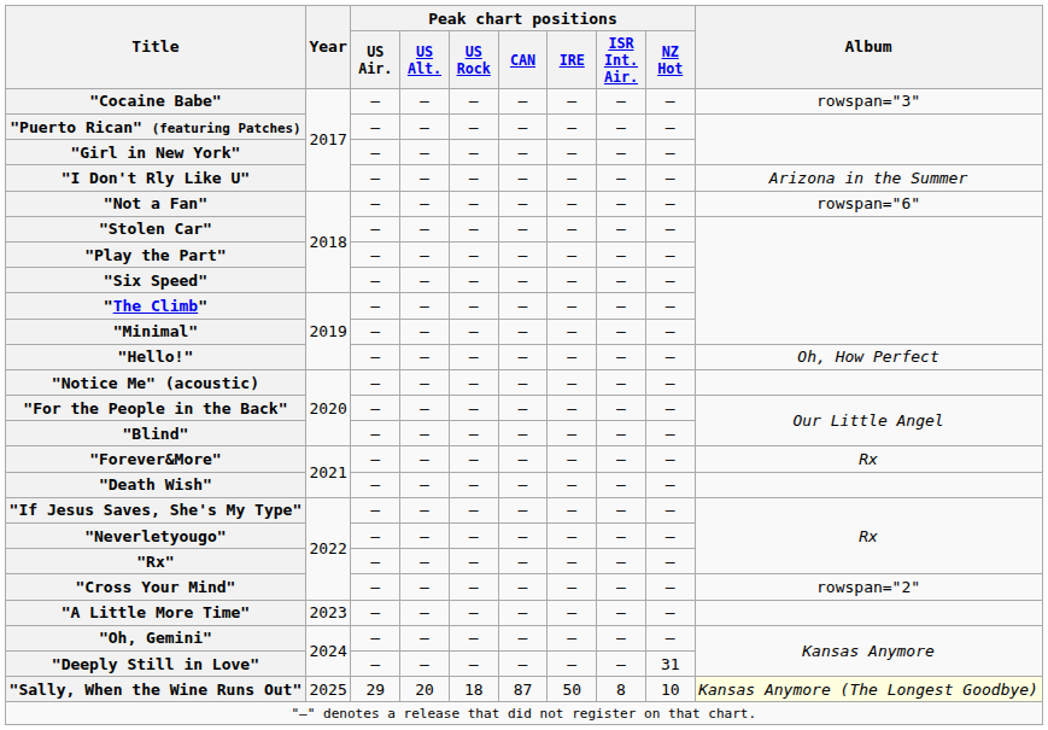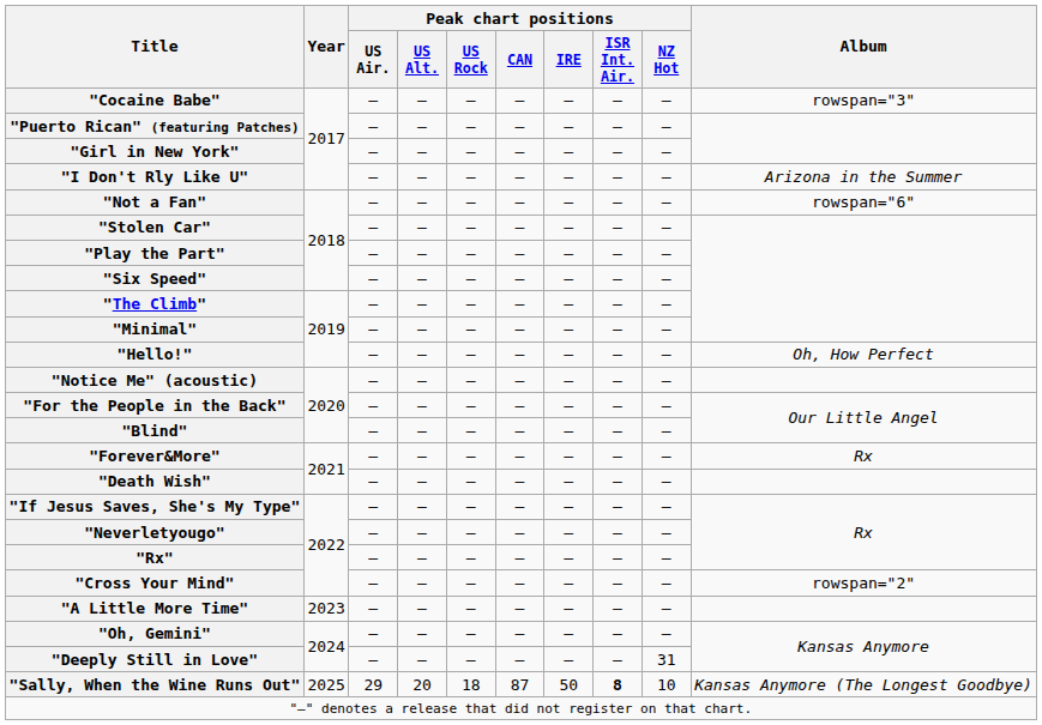 <table class="wikitable plainrowheaders" style="text-align:center;">
 <tr>
 <th scope="col" rowspan="2">Title</th>
 <th scope="col" rowspan="2">Year</th>
 <th scope="col" colspan="7">Peak chart positions</th>
 <th scope="col" rowspan="2">Album</th>
 </tr>
 <tr>
 <th scope="col" style="width:3em;font-size:90%;">US<br>Air.</th>
 <th scope="col" style="width:3em;font-size:90%;"><a href='#'>US<br>Alt.</a></th>
 <th scope="col" style="width:3em;font-size:90%;"><a href='#'>US<br>Rock</a><br></th>
 <th scope="col" style="width:3em;font-size:90%;"><a href='#'>CAN</a><br></th>
 <th scope="col" style="width:3em;font-size:90%;"><a href='#'>IRE</a><br></th>
 <th scope="col" style="width:3em;font-size:90%;"><a href='#'>ISR<br>Int.<br>Air.</a><br></th>
 <th scope="col" style="width:3em;font-size:90%;"><a href='#'>NZ<br>Hot</a><br></th>
 </tr>
 <tr>
 <th scope="row">"Cocaine Babe"</th>
 <td rowspan="4">2017</td>
 <td>—</td>
 <td>—</td>
 <td>—</td>
 <td>—</td>
 <td>—</td>
 <td>—</td>
 <td>—</td>
 <td>rowspan="3" </td>
 </tr>
 <tr>
 <th scope="row">"Puerto Rican" <small>(featuring Patches)</small></th>
 <td>—</td>
 <td>—</td>
 <td>—</td>
 <td>—</td>
 <td>—</td>
 <td>—</td>
 <td>—</td>
 </tr>
 <tr>
 <th scope="row">"Girl in New York"</th>
 <td>—</td>
 <td>—</td>
 <td>—</td>
 <td>—</td>
 <td>—</td>
 <td>—</td>
 <td>—</td>
 </tr>
 <tr>
 <th scope="row">"I Don't Rly Like U"</th>
 <td>—</td>
 <td>—</td>
 <td>—</td>
 <td>—</td>
 <td>—</td>
 <td>—</td>
 <td>—</td>
 <td><em>Arizona in the Summer</em></td>
 </tr>
 <tr>
 <th scope="row">"Not a Fan"</th>
 <td rowspan="4">2018</td>
 <td>—</td>
 <td>—</td>
 <td>—</td>
 <td>—</td>
 <td>—</td>
 <td>—</td>
 <td>—</td>
 <td>rowspan="6" </td>
 </tr>
 <tr>
 <th scope="row">"Stolen Car"</th>
 <td>—</td>
 <td>—</td>
 <td>—</td>
 <td>—</td>
 <td>—</td>
 <td>—</td>
 <td>—</td>
 </tr>
 <tr>
 <th scope="row">"Play the Part"</th>
 <td>—</td>
 <td>—</td>
 <td>—</td>
 <td>—</td>
 <td>—</td>
 <td>—</td>
 <td>—</td>
 </tr>
 <tr>
 <th scope="row">"Six Speed"</th>
 <td>—</td>
 <td>—</td>
 <td>—</td>
 <td>—</td>
 <td>—</td>
 <td>—</td>
 <td>—</td>
 </tr>
 <tr>
 <th scope="row">"<a href='#'>The Climb</a>"</th>
 <td rowspan="3">2019</td>
 <td>—</td>
 <td>—</td>
 <td>—</td>
 <td>—</td>
 <td>—</td>
 <td>—</td>
 <td>—</td>
 </tr>
 <tr>
 <th scope="row">"Minimal"</th>
 <td>—</td>
 <td>—</td>
 <td>—</td>
 <td>—</td>
 <td>—</td>
 <td>—</td>
 <td>—</td>
 </tr>
 <tr>
 <th scope="row">"Hello!"</th>
 <td>—</td>
 <td>—</td>
 <td>—</td>
 <td>—</td>
 <td>—</td>
 <td>—</td>
 <td>—</td>
 <td><em>Oh, How Perfect</em></td>
 </tr>
 <tr>
 <th scope="row">"Notice Me" (acoustic)</th>
 <td rowspan="3">2020</td>
 <td>—</td>
 <td>—</td>
 <td>—</td>
 <td>—</td>
 <td>—</td>
 <td>—</td>
 <td>—</td>
 <td></td>
 </tr>
 <tr>
 <th scope="row">"For the People in the Back"</th>
 <td>—</td>
 <td>—</td>
 <td>—</td>
 <td>—</td>
 <td>—</td>
 <td>—</td>
 <td>—</td>
 <td rowspan="2"><em>Our Little Angel</em></td>
 </tr>
 <tr>
 <th scope="row">"Blind"</th>
 <td>—</td>
 <td>—</td>
 <td>—</td>
 <td>—</td>
 <td>—</td>
 <td>—</td>
 <td>—</td>
 </tr>
 <tr>
 <th scope="row">"Forever&More"</th>
 <td rowspan="2">2021</td>
 <td>—</td>
 <td>—</td>
 <td>—</td>
 <td>—</td>
 <td>—</td>
 <td>—</td>
 <td>—</td>
 <td><em>Rx</em></td>
 </tr>
 <tr>
 <th scope="row">"Death Wish"</th>
 <td>—</td>
 <td>—</td>
 <td>—</td>
 <td>—</td>
 <td>—</td>
 <td>—</td>
 <td>—</td>
 <td></td>
 </tr>
 <tr>
 <th scope="row">"If Jesus Saves, She's My Type"</th>
 <td rowspan="4">2022</td>
 <td>—</td>
 <td>—</td>
 <td>—</td>
 <td>—</td>
 <td>—</td>
 <td>—</td>
 <td>—</td>
 <td rowspan="3"><em>Rx</em></td>
 </tr>
 <tr>
 <th scope="row">"Neverletyougo"</th>
 <td>—</td>
 <td>—</td>
 <td>—</td>
 <td>—</td>
 <td>—</td>
 <td>—</td>
 <td>—</td>
 </tr>
 <tr>
 <th scope="row">"Rx"</th>
 <td>—</td>
 <td>—</td>
 <td>—</td>
 <td>—</td>
 <td>—</td>
 <td>—</td>
 <td>—</td>
 </tr>
 <tr>
 <th scope="row">"Cross Your Mind"</th>
 <td>—</td>
 <td>—</td>
 <td>—</td>
 <td>—</td>
 <td>—</td>
 <td>—</td>
 <td>—</td>
 <td>rowspan="2" </td>
 </tr>
 <tr>
 <th scope="row">"A Little More Time"</th>
 <td>2023</td>
 <td>—</td>
 <td>—</td>
 <td>—</td>
 <td>—</td>
 <td>—</td>
 <td>—</td>
 <td>—</td>
 </tr>
 <tr>
 <th scope="row">"Oh, Gemini"</th>
 <td rowspan="2">2024</td>
 <td>—</td>
 <td>—</td>
 <td>—</td>
 <td>—</td>
 <td>—</td>
 <td>—</td>
 <td>—</td>
 <td rowspan="2"><em>Kansas Anymore</em></td>
 </tr>
 <tr>
 <th scope="row">"Deeply Still in Love"</th>
 <td>—</td>
 <td>—</td>
 <td>—</td>
 <td>—</td>
 <td>—</td>
 <td>—</td>
 <td>31</td>
 </tr>
 <tr>
 <th scope="row">"Sally, When the Wine Runs Out"</th>
 <td>2025</td>
 <td>29</td>
 <td>20</td>
 <td>18</td>
 <td>87</td>
 <td>50</td>
-<td>8</td>
+<td><strong>8</strong></td>
 <td>10</td>
-<td style="background: lightyellow;"><em>Kansas Anymore (The Longest Goodbye)</em></td>
+<td><em>Kansas Anymore (The Longest Goodbye)</em></td>
 </tr>
 <tr>
 <td colspan="14" align="center" style="font-size: 85%">"—" denotes a release that did not register on that chart.</td>
 </tr>
 </table>
